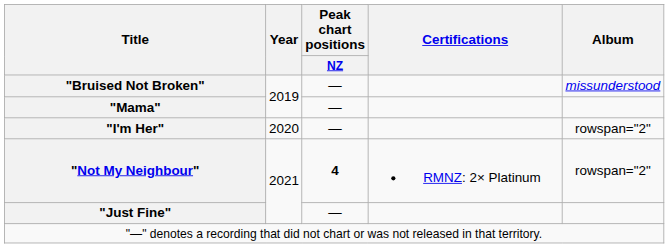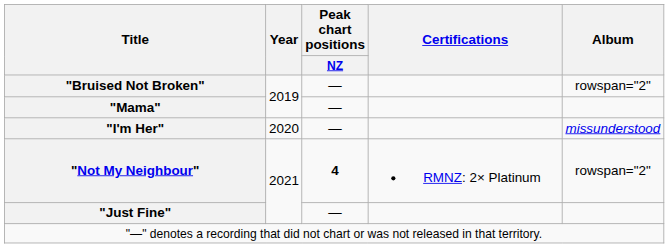 <table class="wikitable plainrowheaders" style="text-align:center;" border="1">
 <tr>
 <th scope="col" rowspan="2" style="width:19em;">Title</th>
 <th scope="col" rowspan="2">Year</th>
 <th scope="col" colspan="1">Peak chart positions</th>
 <th scope="col" rowspan="2" style="width:14em;"><a href='#'>Certifications</a></th>
 <th scope="col" rowspan="2">Album</th>
 </tr>
 <tr>
 <th scope="col" style="width:2.5em;font-size:90%;"><a href='#'>NZ</a><br></th>
 </tr>
 <tr>
 <th scope="row">"Bruised Not Broken" <br></th>
 <td rowspan="2">2019</td>
 <td>—</td>
 <td></td>
-<td><em><a href='#'>missunderstood</a></em></td>
+<td>rowspan="2" </td>
 </tr>
 <tr>
 <th scope="row">"Mama"<br></th>
 <td>—</td>
 <td></td>
 </tr>
 <tr>
 <th scope="row">"I'm Her"<br></th>
 <td>2020</td>
 <td>—</td>
 <td></td>
-<td>rowspan="2" </td>
+<td><em><a href='#'>missunderstood</a></em></td>
 </tr>
 <tr>
 <th scope="row">"<a href='#'>Not My Neighbour</a>"<br></th>
 <td rowspan="2">2021</td>
 <td><strong>4</strong></td>
 <td><br><ul><li><a href='#'>RMNZ</a>: 2× Platinum</li></ul></td>
 <td>rowspan="2" </td>
 </tr>
 <tr>
 <th scope="row">"Just Fine"<br></th>
 <td>—</td>
 <td></td>
 </tr>
 <tr>
 <td colspan="8" style="font-size:90%">"—" denotes a recording that did not chart or was not released in that territory.</td>
 </tr>
 </table>
